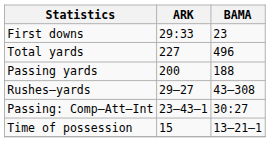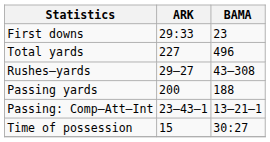 <table class="wikitable" style="float: left;">
 <tr>
 <th>Statistics</th>
 <th>ARK</th>
 <th>BAMA</th>
 </tr>
 <tr>
 <td>First downs</td>
 <td>29:33</td>
 <td>23</td>
 </tr>
 <tr>
 <td>Total yards</td>
 <td>227</td>
 <td>496</td>
 </tr>
 <tr>
+<td>Rushes–yards</td>
+<td>29–27</td>
+<td>43–308</td>
+</tr>
+<tr>
 <td>Passing yards</td>
 <td>200</td>
 <td>188</td>
 </tr>
 <tr>
-<td>Rushes–yards</td>
-<td>29–27</td>
-<td>43–308</td>
-</tr>
-<tr>
 <td>Passing: Comp–Att–Int</td>
 <td>23–43–1</td>
-<td>30:27</td>
+<td>13–21–1</td>
 </tr>
 <tr>
 <td>Time of possession</td>
 <td>15</td>
-<td>13–21–1</td>
+<td>30:27</td>
 </tr>
 <tr>
 </tr>
 </table>
